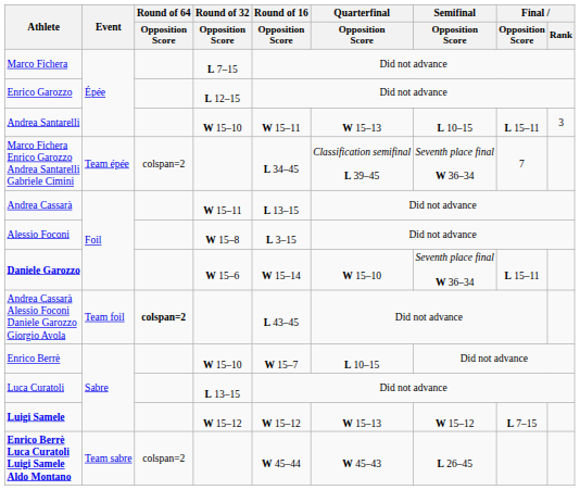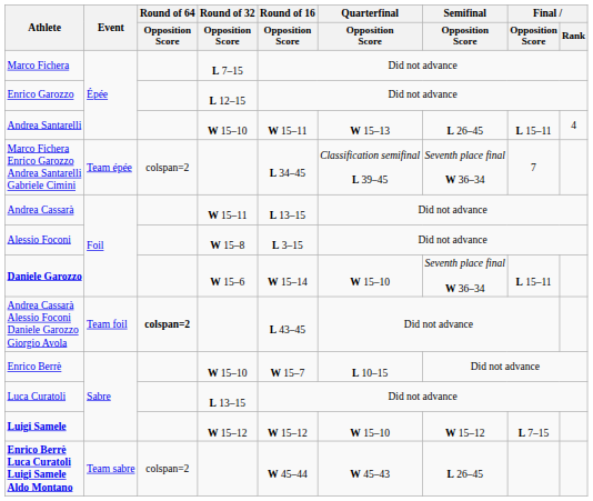 <table class="wikitable" style="font-size:90%">
 <tr>
 <th rowspan="2">Athlete</th>
 <th rowspan="2">Event</th>
 <th>Round of 64</th>
 <th>Round of 32</th>
 <th>Round of 16</th>
 <th>Quarterfinal</th>
 <th>Semifinal</th>
 <th colspan=2>Final / </th>
 </tr>
 <tr style="font-size:95%">
 <th>Opposition <br> Score</th>
 <th>Opposition <br> Score</th>
 <th>Opposition <br> Score</th>
 <th>Opposition <br> Score</th>
 <th>Opposition <br> Score</th>
 <th>Opposition <br> Score</th>
 <th>Rank</th>
 </tr>
 <tr align=center>
 <td align=left><a href='#'>Marco Fichera</a></td>
 <td align=left rowspan=3><a href='#'>Épée</a></td>
 <td></td>
 <td><br><strong>L</strong> 7–15</td>
 <td colspan=5>Did not advance</td>
 </tr>
 <tr align=center>
 <td align=left><a href='#'>Enrico Garozzo</a></td>
 <td></td>
 <td><br><strong>L</strong> 12–15</td>
 <td colspan=5>Did not advance</td>
 </tr>
 <tr align=center>
 <td align=left><a href='#'>Andrea Santarelli</a></td>
 <td></td>
 <td><br><strong>W</strong> 15–10</td>
 <td><br><strong>W</strong> 15–11</td>
 <td><br><strong>W</strong> 15–13</td>
-<td><br><strong>L</strong> 10–15</td>
+<td><br><strong>L</strong> 26–45</td>
 <td><br><strong>L</strong> 15–11</td>
-<td>3</td>
+<td>4</td>
 </tr>
 <tr align=center>
 <td align=left><a href='#'>Marco Fichera</a><br><a href='#'>Enrico Garozzo</a><br><a href='#'>Andrea Santarelli</a><br><a href='#'>Gabriele Cimini</a></td>
 <td align=left><a href='#'>Team épée</a></td>
 <td>colspan=2 </td>
 <td></td>
 <td><br><strong>L</strong> 34–45</td>
 <td><em>Classification semifinal</em><br><br><strong>L</strong> 39–45</td>
 <td><em>Seventh place final</em><br><br><strong>W</strong> 36–34</td>
 <td>7</td>
 </tr>
 <tr align=center>
 <td align=left><a href='#'>Andrea Cassarà</a></td>
 <td align=left rowspan=3><a href='#'>Foil</a></td>
 <td></td>
 <td><br><strong>W</strong> 15–11</td>
 <td><br><strong>L</strong> 13–15</td>
 <td colspan="4">Did not advance</td>
 </tr>
 <tr align=center>
 <td align=left><a href='#'>Alessio Foconi</a></td>
 <td></td>
 <td><br><strong>W</strong> 15–8</td>
 <td><br><strong>L</strong> 3–15</td>
 <td colspan="4">Did not advance</td>
 </tr>
 <tr align=center>
 <td align=left><strong><a href='#'>Daniele Garozzo</a></strong></td>
 <td></td>
 <td><br><strong>W</strong> 15–6</td>
 <td><br><strong>W</strong> 15–14</td>
 <td><br><strong>W</strong> 15–10</td>
 <td><em>Seventh place final</em><br><br><strong>W</strong> 36–34</td>
 <td><br><strong>L</strong> 15–11</td>
 <td></td>
 </tr>
 <tr align=center>
 <td align=left><a href='#'>Andrea Cassarà</a><br><a href='#'>Alessio Foconi</a><br><a href='#'>Daniele Garozzo</a><br><a href='#'>Giorgio Avola</a></td>
 <td align=left><a href='#'>Team foil</a></td>
 <td><strong>colspan=2 </strong></td>
 <td></td>
 <td><br><strong>L</strong> 43–45</td>
 <td colspan=3>Did not advance</td>
 </tr>
 <tr align=center>
 <td align=left><a href='#'>Enrico Berrè</a></td>
 <td align=left rowspan=3><a href='#'>Sabre</a></td>
 <td></td>
 <td><br><strong>W</strong> 15–10</td>
 <td><br><strong>W</strong> 15–7</td>
 <td><br><strong>L</strong> 10–15</td>
 <td colspan="3">Did not advance</td>
 </tr>
 <tr align=center>
 <td align=left><a href='#'>Luca Curatoli</a></td>
 <td></td>
 <td><br><strong>L</strong> 13–15</td>
 <td colspan="5">Did not advance</td>
 </tr>
 <tr align=center>
 <td align=left><strong><a href='#'>Luigi Samele</a></strong></td>
 <td></td>
 <td><br><strong>W</strong> 15–12</td>
 <td><br><strong>W</strong> 15–12</td>
-<td><br><strong>W</strong> 15–13</td>
+<td><br><strong>W</strong> 15–10</td>
 <td><br><strong>W</strong> 15–12</td>
 <td><br><strong>L</strong> 7–15</td>
 <td></td>
 </tr>
 <tr align=center>
 <td align=left><strong><a href='#'>Enrico Berrè</a><br><a href='#'>Luca Curatoli</a><br><a href='#'>Luigi Samele</a><br><a href='#'>Aldo Montano</a></strong></td>
 <td align=left><a href='#'>Team sabre</a></td>
 <td>colspan=2 </td>
 <td></td>
 <td><br><strong>W</strong> 45–44</td>
 <td><br><strong>W</strong> 45–43</td>
 <td><br><strong>L</strong> 26–45</td>
 <td></td>
 </tr>
 </table>
